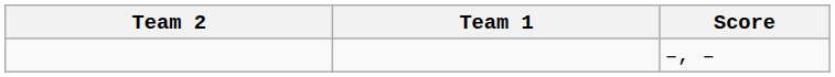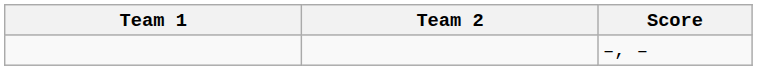 <table class="wikitable" style="font-size: 100%">
 <tr>
+<th width=200>Team 1</th>
 <th width=200>Team 2</th>
-<th width=200>Team 1</th>
 <th width=100>Score</th>
 </tr>
 <tr>
 <td></td>
 <td></td>
 <td>–, –</td>
 </tr>
 </table>
